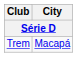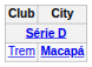 <table class="wikitable">
 <tr>
 <th>Club</th>
 <th>City</th>
 </tr>
 <tr>
 <th align="center" colspan="2"><a href='#'>Série D</a></th>
 </tr>
 <tr>
 <td><a href='#'>Trem</a></td>
-<td><a href='#'>Macapá</a></td>
+<td><strong><a href='#'>Macapá</a></strong></td>
 </tr>
 </table>
